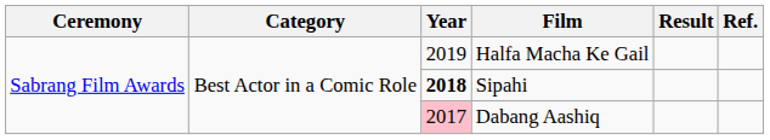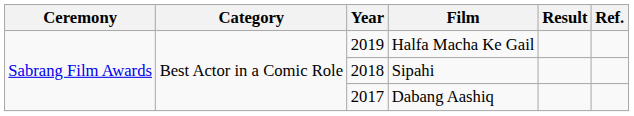 <table class="wikitable">
 <tr>
 <th>Ceremony</th>
 <th>Category</th>
 <th>Year</th>
 <th>Film</th>
 <th>Result</th>
 <th>Ref.</th>
 </tr>
 <tr>
 <td rowspan=3><a href='#'>Sabrang Film Awards</a></td>
 <td rowspan=3>Best Actor in a Comic Role</td>
 <td>2019</td>
 <td>Halfa Macha Ke Gail</td>
 <td></td>
 <td></td>
 </tr>
 <tr>
-<td><strong>2018</strong></td>
+<td>2018</td>
 <td>Sipahi</td>
 <td></td>
 <td></td>
 </tr>
 <tr>
-<td style="background: pink;">2017</td>
+<td>2017</td>
 <td>Dabang Aashiq</td>
 <td></td>
 <td></td>
 </tr>
 </table>
